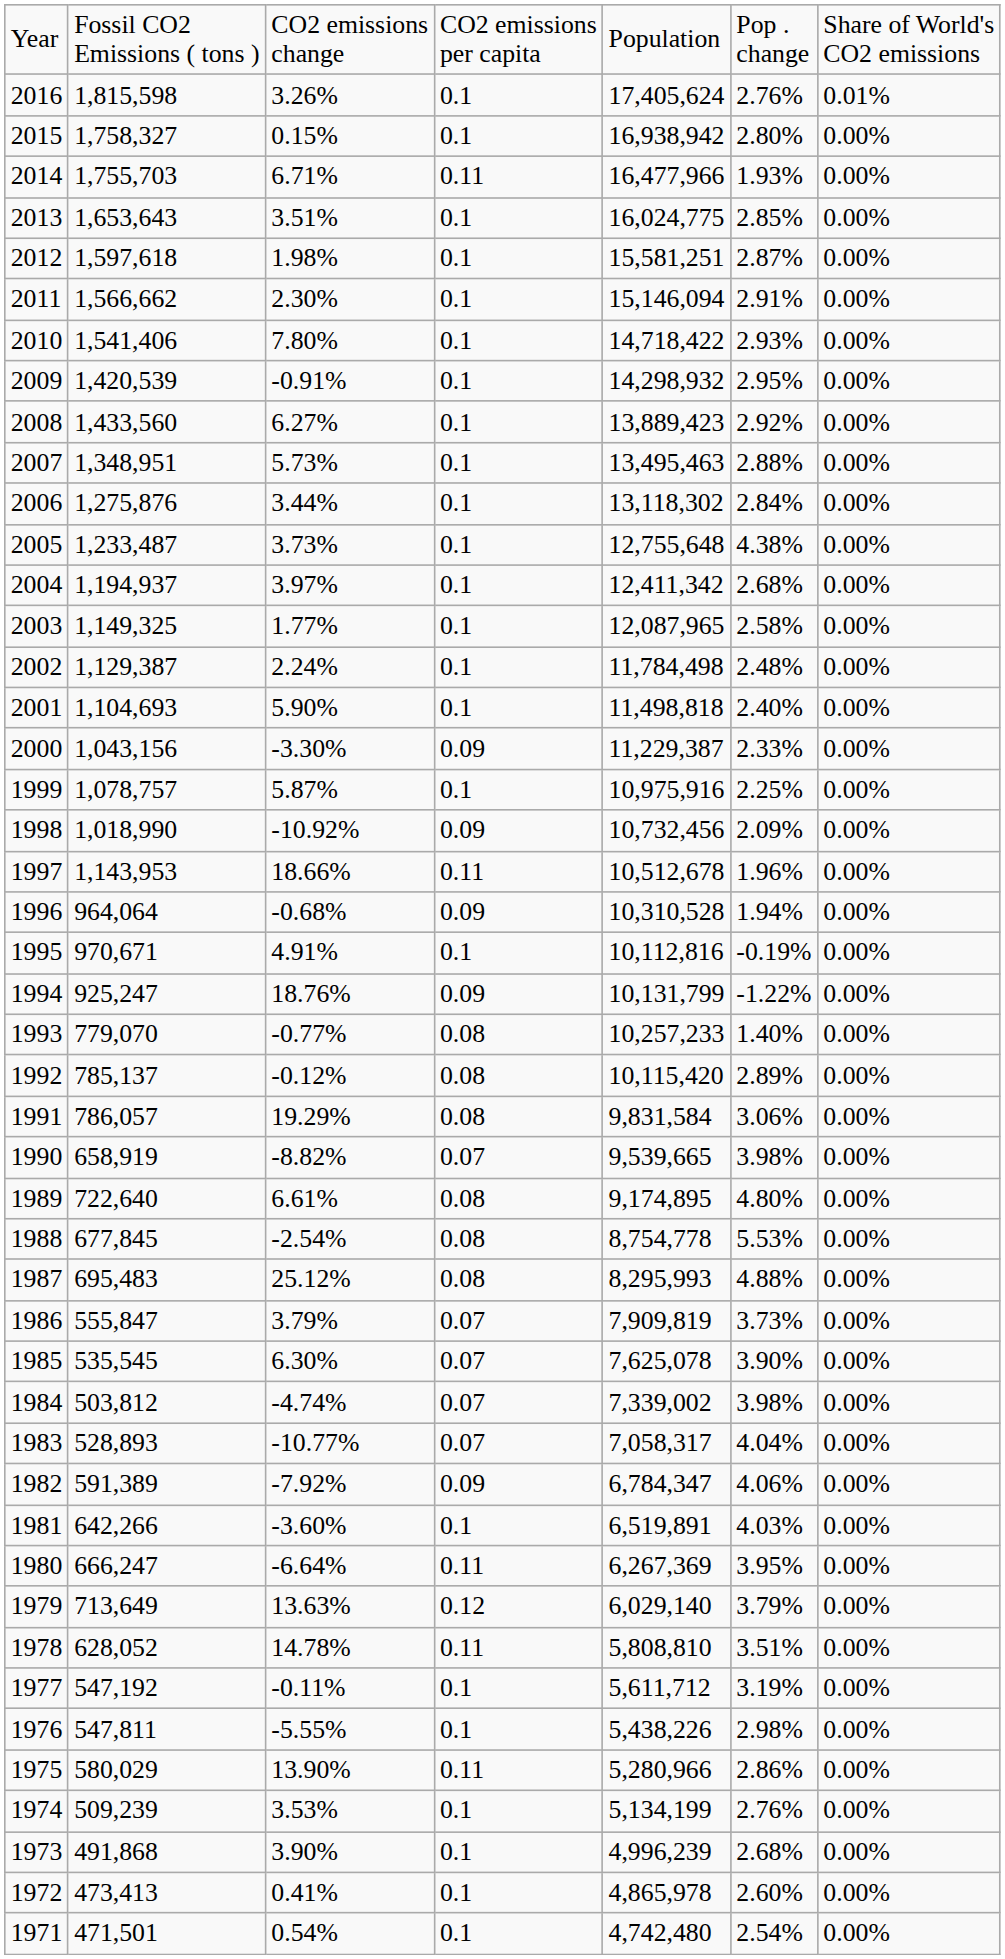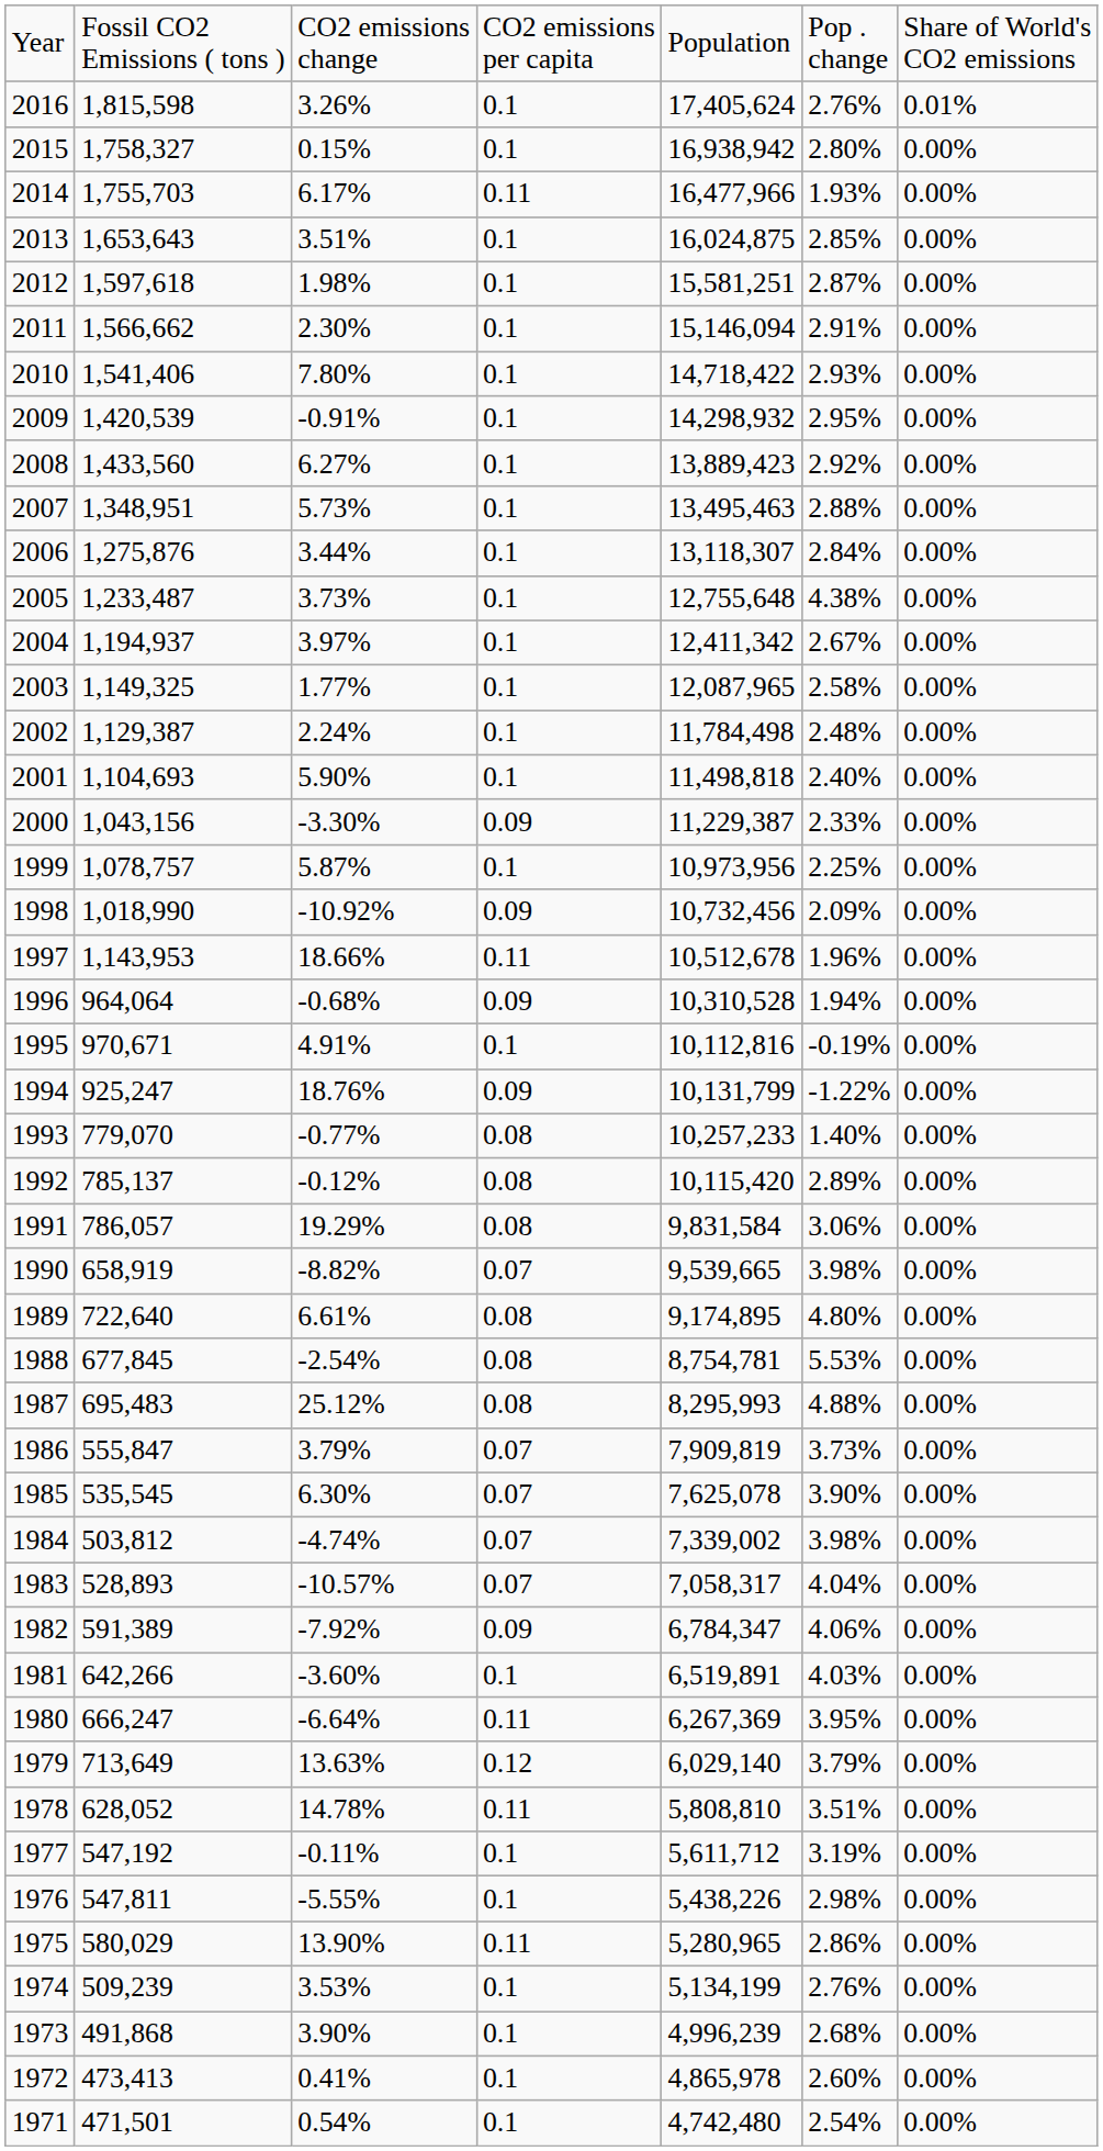 <table class="wikitable sortable">
 <tr>
 <td>Year</td>
 <td>Fossil CO2<br>Emissions ( tons )</td>
 <td>CO2 emissions<br>change</td>
 <td>CO2 emissions<br>per capita</td>
 <td>Population</td>
 <td>Pop .<br>change</td>
 <td>Share of World's<br>CO2 emissions</td>
 </tr>
 <tr>
 <td>2016</td>
 <td>1,815,598</td>
 <td>3.26%</td>
 <td>0.1</td>
 <td>17,405,624</td>
 <td>2.76%</td>
 <td>0.01%</td>
 </tr>
 <tr>
 <td>2015</td>
 <td>1,758,327</td>
 <td>0.15%</td>
 <td>0.1</td>
 <td>16,938,942</td>
 <td>2.80%</td>
 <td>0.00%</td>
 </tr>
 <tr>
 <td>2014</td>
 <td>1,755,703</td>
-<td>6.71%</td>
+<td>6.17%</td>
 <td>0.11</td>
 <td>16,477,966</td>
 <td>1.93%</td>
 <td>0.00%</td>
 </tr>
 <tr>
 <td>2013</td>
 <td>1,653,643</td>
 <td>3.51%</td>
 <td>0.1</td>
-<td>16,024,775</td>
+<td>16,024,875</td>
 <td>2.85%</td>
 <td>0.00%</td>
 </tr>
 <tr>
 <td>2012</td>
 <td>1,597,618</td>
 <td>1.98%</td>
 <td>0.1</td>
 <td>15,581,251</td>
 <td>2.87%</td>
 <td>0.00%</td>
 </tr>
 <tr>
 <td>2011</td>
 <td>1,566,662</td>
 <td>2.30%</td>
 <td>0.1</td>
 <td>15,146,094</td>
 <td>2.91%</td>
 <td>0.00%</td>
 </tr>
 <tr>
 <td>2010</td>
 <td>1,541,406</td>
 <td>7.80%</td>
 <td>0.1</td>
 <td>14,718,422</td>
 <td>2.93%</td>
 <td>0.00%</td>
 </tr>
 <tr>
 <td>2009</td>
 <td>1,420,539</td>
 <td>-0.91%</td>
 <td>0.1</td>
 <td>14,298,932</td>
 <td>2.95%</td>
 <td>0.00%</td>
 </tr>
 <tr>
 <td>2008</td>
 <td>1,433,560</td>
 <td>6.27%</td>
 <td>0.1</td>
 <td>13,889,423</td>
 <td>2.92%</td>
 <td>0.00%</td>
 </tr>
 <tr>
 <td>2007</td>
 <td>1,348,951</td>
 <td>5.73%</td>
 <td>0.1</td>
 <td>13,495,463</td>
 <td>2.88%</td>
 <td>0.00%</td>
 </tr>
 <tr>
 <td>2006</td>
 <td>1,275,876</td>
 <td>3.44%</td>
 <td>0.1</td>
-<td>13,118,302</td>
+<td>13,118,307</td>
 <td>2.84%</td>
 <td>0.00%</td>
 </tr>
 <tr>
 <td>2005</td>
 <td>1,233,487</td>
 <td>3.73%</td>
 <td>0.1</td>
 <td>12,755,648</td>
 <td>4.38%</td>
 <td>0.00%</td>
 </tr>
 <tr>
 <td>2004</td>
 <td>1,194,937</td>
 <td>3.97%</td>
 <td>0.1</td>
 <td>12,411,342</td>
-<td>2.68%</td>
+<td>2.67%</td>
 <td>0.00%</td>
 </tr>
 <tr>
 <td>2003</td>
 <td>1,149,325</td>
 <td>1.77%</td>
 <td>0.1</td>
 <td>12,087,965</td>
 <td>2.58%</td>
 <td>0.00%</td>
 </tr>
 <tr>
 <td>2002</td>
 <td>1,129,387</td>
 <td>2.24%</td>
 <td>0.1</td>
 <td>11,784,498</td>
 <td>2.48%</td>
 <td>0.00%</td>
 </tr>
 <tr>
 <td>2001</td>
 <td>1,104,693</td>
 <td>5.90%</td>
 <td>0.1</td>
 <td>11,498,818</td>
 <td>2.40%</td>
 <td>0.00%</td>
 </tr>
 <tr>
 <td>2000</td>
 <td>1,043,156</td>
 <td>-3.30%</td>
 <td>0.09</td>
 <td>11,229,387</td>
 <td>2.33%</td>
 <td>0.00%</td>
 </tr>
 <tr>
 <td>1999</td>
 <td>1,078,757</td>
 <td>5.87%</td>
 <td>0.1</td>
-<td>10,975,916</td>
+<td>10,973,956</td>
 <td>2.25%</td>
 <td>0.00%</td>
 </tr>
 <tr>
 <td>1998</td>
 <td>1,018,990</td>
 <td>-10.92%</td>
 <td>0.09</td>
 <td>10,732,456</td>
 <td>2.09%</td>
 <td>0.00%</td>
 </tr>
 <tr>
 <td>1997</td>
 <td>1,143,953</td>
 <td>18.66%</td>
 <td>0.11</td>
 <td>10,512,678</td>
 <td>1.96%</td>
 <td>0.00%</td>
 </tr>
 <tr>
 <td>1996</td>
 <td>964,064</td>
 <td>-0.68%</td>
 <td>0.09</td>
 <td>10,310,528</td>
 <td>1.94%</td>
 <td>0.00%</td>
 </tr>
 <tr>
 <td>1995</td>
 <td>970,671</td>
 <td>4.91%</td>
 <td>0.1</td>
 <td>10,112,816</td>
 <td>-0.19%</td>
 <td>0.00%</td>
 </tr>
 <tr>
 <td>1994</td>
 <td>925,247</td>
 <td>18.76%</td>
 <td>0.09</td>
 <td>10,131,799</td>
 <td>-1.22%</td>
 <td>0.00%</td>
 </tr>
 <tr>
 <td>1993</td>
 <td>779,070</td>
 <td>-0.77%</td>
 <td>0.08</td>
 <td>10,257,233</td>
 <td>1.40%</td>
 <td>0.00%</td>
 </tr>
 <tr>
 <td>1992</td>
 <td>785,137</td>
 <td>-0.12%</td>
 <td>0.08</td>
 <td>10,115,420</td>
 <td>2.89%</td>
 <td>0.00%</td>
 </tr>
 <tr>
 <td>1991</td>
 <td>786,057</td>
 <td>19.29%</td>
 <td>0.08</td>
 <td>9,831,584</td>
 <td>3.06%</td>
 <td>0.00%</td>
 </tr>
 <tr>
 <td>1990</td>
 <td>658,919</td>
 <td>-8.82%</td>
 <td>0.07</td>
 <td>9,539,665</td>
 <td>3.98%</td>
 <td>0.00%</td>
 </tr>
 <tr>
 <td>1989</td>
 <td>722,640</td>
 <td>6.61%</td>
 <td>0.08</td>
 <td>9,174,895</td>
 <td>4.80%</td>
 <td>0.00%</td>
 </tr>
 <tr>
 <td>1988</td>
 <td>677,845</td>
 <td>-2.54%</td>
 <td>0.08</td>
-<td>8,754,778</td>
+<td>8,754,781</td>
 <td>5.53%</td>
 <td>0.00%</td>
 </tr>
 <tr>
 <td>1987</td>
 <td>695,483</td>
 <td>25.12%</td>
 <td>0.08</td>
 <td>8,295,993</td>
 <td>4.88%</td>
 <td>0.00%</td>
 </tr>
 <tr>
 <td>1986</td>
 <td>555,847</td>
 <td>3.79%</td>
 <td>0.07</td>
 <td>7,909,819</td>
 <td>3.73%</td>
 <td>0.00%</td>
 </tr>
 <tr>
 <td>1985</td>
 <td>535,545</td>
 <td>6.30%</td>
 <td>0.07</td>
 <td>7,625,078</td>
 <td>3.90%</td>
 <td>0.00%</td>
 </tr>
 <tr>
 <td>1984</td>
 <td>503,812</td>
 <td>-4.74%</td>
 <td>0.07</td>
 <td>7,339,002</td>
 <td>3.98%</td>
 <td>0.00%</td>
 </tr>
 <tr>
 <td>1983</td>
 <td>528,893</td>
-<td>-10.77%</td>
+<td>-10.57%</td>
 <td>0.07</td>
 <td>7,058,317</td>
 <td>4.04%</td>
 <td>0.00%</td>
 </tr>
 <tr>
 <td>1982</td>
 <td>591,389</td>
 <td>-7.92%</td>
 <td>0.09</td>
 <td>6,784,347</td>
 <td>4.06%</td>
 <td>0.00%</td>
 </tr>
 <tr>
 <td>1981</td>
 <td>642,266</td>
 <td>-3.60%</td>
 <td>0.1</td>
 <td>6,519,891</td>
 <td>4.03%</td>
 <td>0.00%</td>
 </tr>
 <tr>
 <td>1980</td>
 <td>666,247</td>
 <td>-6.64%</td>
 <td>0.11</td>
 <td>6,267,369</td>
 <td>3.95%</td>
 <td>0.00%</td>
 </tr>
 <tr>
 <td>1979</td>
 <td>713,649</td>
 <td>13.63%</td>
 <td>0.12</td>
 <td>6,029,140</td>
 <td>3.79%</td>
 <td>0.00%</td>
 </tr>
 <tr>
 <td>1978</td>
 <td>628,052</td>
 <td>14.78%</td>
 <td>0.11</td>
 <td>5,808,810</td>
 <td>3.51%</td>
 <td>0.00%</td>
 </tr>
 <tr>
 <td>1977</td>
 <td>547,192</td>
 <td>-0.11%</td>
 <td>0.1</td>
 <td>5,611,712</td>
 <td>3.19%</td>
 <td>0.00%</td>
 </tr>
 <tr>
 <td>1976</td>
 <td>547,811</td>
 <td>-5.55%</td>
 <td>0.1</td>
 <td>5,438,226</td>
 <td>2.98%</td>
 <td>0.00%</td>
 </tr>
 <tr>
 <td>1975</td>
 <td>580,029</td>
 <td>13.90%</td>
 <td>0.11</td>
-<td>5,280,966</td>
+<td>5,280,965</td>
 <td>2.86%</td>
 <td>0.00%</td>
 </tr>
 <tr>
 <td>1974</td>
 <td>509,239</td>
 <td>3.53%</td>
 <td>0.1</td>
 <td>5,134,199</td>
 <td>2.76%</td>
 <td>0.00%</td>
 </tr>
 <tr>
 <td>1973</td>
 <td>491,868</td>
 <td>3.90%</td>
 <td>0.1</td>
 <td>4,996,239</td>
 <td>2.68%</td>
 <td>0.00%</td>
 </tr>
 <tr>
 <td>1972</td>
 <td>473,413</td>
 <td>0.41%</td>
 <td>0.1</td>
 <td>4,865,978</td>
 <td>2.60%</td>
 <td>0.00%</td>
 </tr>
 <tr>
 <td>1971</td>
 <td>471,501</td>
 <td>0.54%</td>
 <td>0.1</td>
 <td>4,742,480</td>
 <td>2.54%</td>
 <td>0.00%</td>
 </tr>
 </table>
